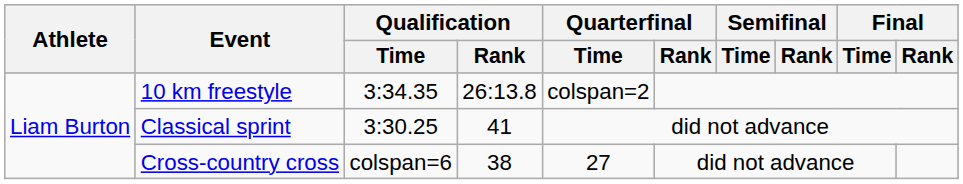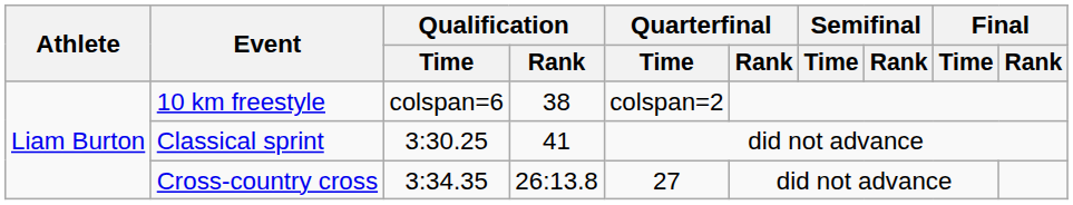 <table class="wikitable" style="font-size:90%">
 <tr>
 <th rowspan="2">Athlete</th>
 <th rowspan="2">Event</th>
 <th colspan="2">Qualification</th>
 <th colspan="2">Quarterfinal</th>
 <th colspan="2">Semifinal</th>
 <th colspan="2">Final</th>
 </tr>
 <tr style="font-size:95%">
 <th>Time</th>
 <th>Rank</th>
 <th>Time</th>
 <th>Rank</th>
 <th>Time</th>
 <th>Rank</th>
 <th>Time</th>
 <th>Rank</th>
 </tr>
 <tr align=center>
 <td align=left rowspan=3><a href='#'>Liam Burton</a></td>
 <td align=left><a href='#'>10 km freestyle</a></td>
-<td>3:34.35</td>
-<td>26:13.8</td>
+<td>colspan=6 </td>
+<td>38</td>
 <td>colspan=2 </td>
 </tr>
 <tr align=center>
 <td align=left><a href='#'>Classical sprint</a></td>
 <td>3:30.25</td>
 <td>41</td>
 <td colspan=6>did not advance</td>
 </tr>
 <tr align=center>
 <td align=left><a href='#'>Cross-country cross</a></td>
-<td>colspan=6 </td>
-<td>38</td>
+<td>3:34.35</td>
+<td>26:13.8</td>
 <td>27</td>
 <td colspan=4>did not advance</td>
 </tr>
 </table>
